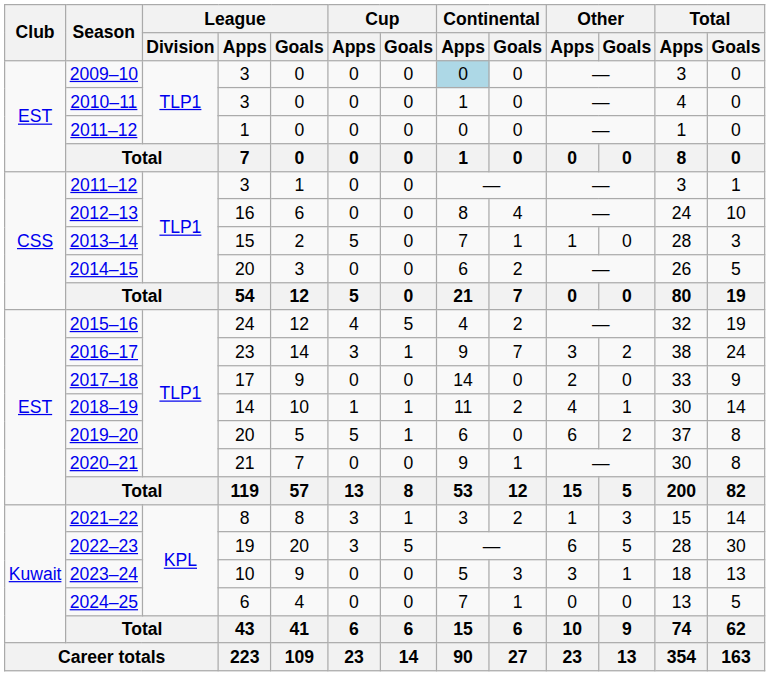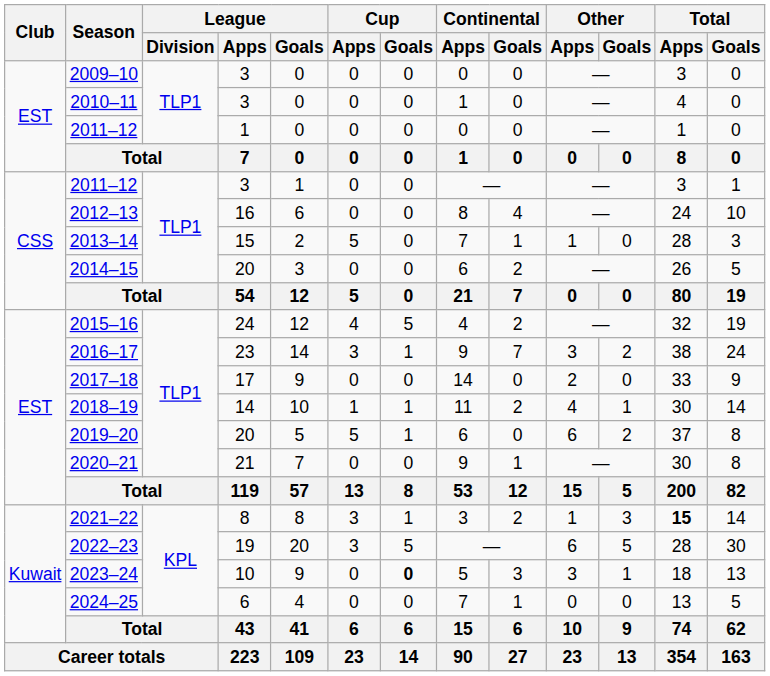 <table class="wikitable" style="font-size:90%; text-align: center">
 <tr>
 <th rowspan=2>Club</th>
 <th rowspan=2>Season</th>
 <th colspan=3>League</th>
 <th colspan=2>Cup</th>
 <th colspan=2>Continental</th>
 <th colspan=2>Other</th>
 <th colspan=2>Total</th>
 </tr>
 <tr>
 <th>Division</th>
 <th>Apps</th>
 <th>Goals</th>
 <th>Apps</th>
 <th>Goals</th>
 <th>Apps</th>
 <th>Goals</th>
 <th>Apps</th>
 <th>Goals</th>
 <th>Apps</th>
 <th>Goals</th>
 </tr>
 <tr>
 <td rowspan=4><a href='#'>EST</a></td>
 <td><a href='#'>2009–10</a></td>
 <td rowspan=3><a href='#'>TLP1</a></td>
 <td>3</td>
 <td>0</td>
 <td>0</td>
 <td>0</td>
-<td style="background: lightblue;">0</td>
+<td>0</td>
 <td>0</td>
 <td colspan=2>—</td>
 <td>3</td>
 <td>0</td>
 </tr>
 <tr>
 <td><a href='#'>2010–11</a></td>
 <td>3</td>
 <td>0</td>
 <td>0</td>
 <td>0</td>
 <td>1</td>
 <td>0</td>
 <td colspan=2>—</td>
 <td>4</td>
 <td>0</td>
 </tr>
 <tr>
 <td><a href='#'>2011–12</a></td>
 <td>1</td>
 <td>0</td>
 <td>0</td>
 <td>0</td>
 <td>0</td>
 <td>0</td>
 <td colspan=2>—</td>
 <td>1</td>
 <td>0</td>
 </tr>
 <tr>
 <th colspan=2>Total</th>
 <th>7</th>
 <th>0</th>
 <th>0</th>
 <th>0</th>
 <th>1</th>
 <th>0</th>
 <th>0</th>
 <th>0</th>
 <th>8</th>
 <th>0</th>
 </tr>
 <tr>
 <td rowspan=5><a href='#'>CSS</a></td>
 <td><a href='#'>2011–12</a></td>
 <td rowspan=4><a href='#'>TLP1</a></td>
 <td>3</td>
 <td>1</td>
 <td>0</td>
 <td>0</td>
 <td colspan=2>—</td>
 <td colspan=2>—</td>
 <td>3</td>
 <td>1</td>
 </tr>
 <tr>
 <td><a href='#'>2012–13</a></td>
 <td>16</td>
 <td>6</td>
 <td>0</td>
 <td>0</td>
 <td>8</td>
 <td>4</td>
 <td colspan=2>—</td>
 <td>24</td>
 <td>10</td>
 </tr>
 <tr>
 <td><a href='#'>2013–14</a></td>
 <td>15</td>
 <td>2</td>
 <td>5</td>
 <td>0</td>
 <td>7</td>
 <td>1</td>
 <td>1</td>
 <td>0</td>
 <td>28</td>
 <td>3</td>
 </tr>
 <tr>
 <td><a href='#'>2014–15</a></td>
 <td>20</td>
 <td>3</td>
 <td>0</td>
 <td>0</td>
 <td>6</td>
 <td>2</td>
 <td colspan=2>—</td>
 <td>26</td>
 <td>5</td>
 </tr>
 <tr>
 <th colspan=2>Total</th>
 <th>54</th>
 <th>12</th>
 <th>5</th>
 <th>0</th>
 <th>21</th>
 <th>7</th>
 <th>0</th>
 <th>0</th>
 <th>80</th>
 <th>19</th>
 </tr>
 <tr>
 <td rowspan=7><a href='#'>EST</a></td>
 <td><a href='#'>2015–16</a></td>
 <td rowspan=6><a href='#'>TLP1</a></td>
 <td>24</td>
 <td>12</td>
 <td>4</td>
 <td>5</td>
 <td>4</td>
 <td>2</td>
 <td colspan=2>—</td>
 <td>32</td>
 <td>19</td>
 </tr>
 <tr>
 <td><a href='#'>2016–17</a></td>
 <td>23</td>
 <td>14</td>
 <td>3</td>
 <td>1</td>
 <td>9</td>
 <td>7</td>
 <td>3</td>
 <td>2</td>
 <td>38</td>
 <td>24</td>
 </tr>
 <tr>
 <td><a href='#'>2017–18</a></td>
 <td>17</td>
 <td>9</td>
 <td>0</td>
 <td>0</td>
 <td>14</td>
 <td>0</td>
 <td>2</td>
 <td>0</td>
 <td>33</td>
 <td>9</td>
 </tr>
 <tr>
 <td><a href='#'>2018–19</a></td>
 <td>14</td>
 <td>10</td>
 <td>1</td>
 <td>1</td>
 <td>11</td>
 <td>2</td>
 <td>4</td>
 <td>1</td>
 <td>30</td>
 <td>14</td>
 </tr>
 <tr>
 <td><a href='#'>2019–20</a></td>
 <td>20</td>
 <td>5</td>
 <td>5</td>
 <td>1</td>
 <td>6</td>
 <td>0</td>
 <td>6 </td>
 <td>2</td>
 <td>37</td>
 <td>8</td>
 </tr>
 <tr>
 <td><a href='#'>2020–21</a></td>
 <td>21</td>
 <td>7</td>
 <td>0</td>
 <td>0</td>
 <td>9</td>
 <td>1</td>
 <td colspan=2>—</td>
 <td>30</td>
 <td>8</td>
 </tr>
 <tr>
 <th colspan=2>Total</th>
 <th>119</th>
 <th>57</th>
 <th>13</th>
 <th>8</th>
 <th>53</th>
 <th>12</th>
 <th>15</th>
 <th>5</th>
 <th>200</th>
 <th>82</th>
 </tr>
 <tr>
 <td rowspan=5><a href='#'>Kuwait</a></td>
 <td><a href='#'>2021–22</a></td>
 <td rowspan=4><a href='#'>KPL</a></td>
 <td>8</td>
 <td>8</td>
 <td>3</td>
 <td>1</td>
 <td>3</td>
 <td>2</td>
 <td>1</td>
 <td>3</td>
-<td>15</td>
+<td><strong>15</strong></td>
 <td>14</td>
 </tr>
 <tr>
 <td><a href='#'>2022–23</a></td>
 <td>19</td>
 <td>20</td>
 <td>3</td>
 <td>5</td>
 <td colspan=2>—</td>
 <td>6</td>
 <td>5</td>
 <td>28</td>
 <td>30</td>
 </tr>
 <tr>
 <td><a href='#'>2023–24</a></td>
 <td>10</td>
 <td>9</td>
 <td>0</td>
-<td>0</td>
+<td><strong>0</strong></td>
 <td>5</td>
 <td>3</td>
 <td>3</td>
 <td>1</td>
 <td>18</td>
 <td>13</td>
 </tr>
 <tr>
 <td><a href='#'>2024–25</a></td>
 <td>6</td>
 <td>4</td>
 <td>0</td>
 <td>0</td>
 <td>7</td>
 <td>1</td>
 <td>0</td>
 <td>0</td>
 <td>13</td>
 <td>5</td>
 </tr>
 <tr>
 <th colspan=2>Total</th>
 <th>43</th>
 <th>41</th>
 <th>6</th>
 <th>6</th>
 <th>15</th>
 <th>6</th>
 <th>10</th>
 <th>9</th>
 <th>74</th>
 <th>62</th>
 </tr>
 <tr>
 <th colspan=3>Career totals</th>
 <th>223</th>
 <th>109</th>
 <th>23</th>
 <th>14</th>
 <th>90</th>
 <th>27</th>
 <th>23</th>
 <th>13</th>
 <th>354</th>
 <th>163</th>
 </tr>
 </table>
